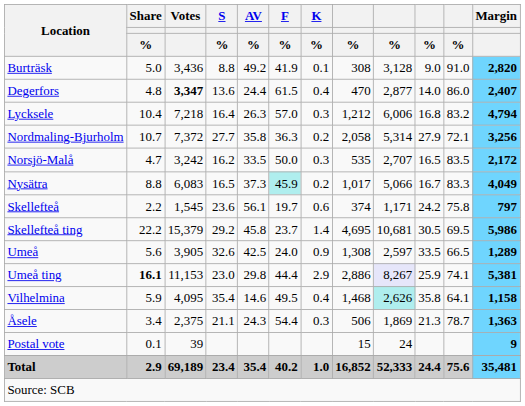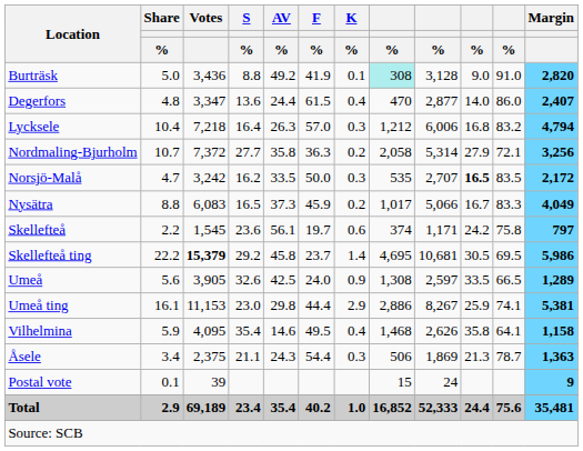 <table class="wikitable sortable" style="text-align:right; font-size:95%; line-height:20px;">
 <tr>
 <th rowspan="3">Location</th>
 <th>Share</th>
 <th>Votes</th>
 <th width="30px" class="unsortable"><a href='#'>S</a></th>
 <th width="30px" class="unsortable"><a href='#'>AV</a></th>
 <th width="30px" class="unsortable"><a href='#'>F</a></th>
 <th width="30px" class="unsortable"><a href='#'>K</a></th>
 <th></th>
 <th></th>
 <th></th>
 <th></th>
 <th>Margin</th>
 </tr>
 <tr>
 <th></th>
 <th></th>
 <th style="background:"></th>
 <th style="background:"></th>
 <th style="background:"></th>
 <th style="background:"></th>
 <th style="background:"></th>
 <th style="background:"></th>
 <th style="background:"></th>
 <th style="background:"></th>
 <th></th>
 </tr>
 <tr>
 <th data-sort-type="number">%</th>
 <th></th>
 <th data-sort-type="number">%</th>
 <th data-sort-type="number">%</th>
 <th data-sort-type="number">%</th>
 <th data-sort-type="number">%</th>
 <th data-sort-type="number">%</th>
 <th data-sort-type="number">%</th>
 <th data-sort-type="number">%</th>
 <th data-sort-type="number">%</th>
 <th></th>
 </tr>
 <tr>
 <td align=left><a href='#'>Burträsk</a></td>
 <td>5.0</td>
 <td>3,436</td>
 <td>8.8</td>
 <td>49.2</td>
 <td>41.9</td>
 <td>0.1</td>
-<td>308</td>
+<td style="background: paleturquoise;">308</td>
 <td>3,128</td>
 <td>9.0</td>
 <td>91.0</td>
 <td bgcolor=#6fd5fe><strong>2,820</strong></td>
 </tr>
 <tr>
 <td align=left><a href='#'>Degerfors</a></td>
 <td>4.8</td>
-<td><strong>3,347</strong></td>
+<td>3,347</td>
 <td>13.6</td>
 <td>24.4</td>
 <td>61.5</td>
 <td>0.4</td>
 <td>470</td>
 <td>2,877</td>
 <td>14.0</td>
 <td>86.0</td>
 <td bgcolor=#6fd5fe><strong>2,407</strong></td>
 </tr>
 <tr>
 <td align=left><a href='#'>Lycksele</a></td>
 <td>10.4</td>
 <td>7,218</td>
 <td>16.4</td>
 <td>26.3</td>
 <td>57.0</td>
 <td>0.3</td>
 <td>1,212</td>
 <td>6,006</td>
 <td>16.8</td>
 <td>83.2</td>
 <td bgcolor=#6fd5fe><strong>4,794</strong></td>
 </tr>
 <tr>
 <td align=left><a href='#'>Nordmaling-Bjurholm</a></td>
 <td>10.7</td>
 <td>7,372</td>
 <td>27.7</td>
 <td>35.8</td>
 <td>36.3</td>
 <td>0.2</td>
 <td>2,058</td>
 <td>5,314</td>
 <td>27.9</td>
 <td>72.1</td>
 <td bgcolor=#6fd5fe><strong>3,256</strong></td>
 </tr>
 <tr>
 <td align=left><a href='#'>Norsjö-Malå</a></td>
 <td>4.7</td>
 <td>3,242</td>
 <td>16.2</td>
 <td>33.5</td>
 <td>50.0</td>
 <td>0.3</td>
 <td>535</td>
 <td>2,707</td>
-<td>16.5</td>
+<td><strong>16.5</strong></td>
 <td>83.5</td>
 <td bgcolor=#6fd5fe><strong>2,172</strong></td>
 </tr>
 <tr>
 <td align=left><a href='#'>Nysätra</a></td>
 <td>8.8</td>
 <td>6,083</td>
 <td>16.5</td>
 <td>37.3</td>
-<td style="background: paleturquoise;">45.9</td>
+<td>45.9</td>
 <td>0.2</td>
 <td>1,017</td>
 <td>5,066</td>
 <td>16.7</td>
 <td>83.3</td>
 <td bgcolor=#6fd5fe><strong>4,049</strong></td>
 </tr>
 <tr>
 <td align=left><a href='#'>Skellefteå</a></td>
 <td>2.2</td>
 <td>1,545</td>
 <td>23.6</td>
 <td>56.1</td>
 <td>19.7</td>
 <td>0.6</td>
 <td>374</td>
 <td>1,171</td>
 <td>24.2</td>
 <td>75.8</td>
 <td bgcolor=#6fd5fe><strong>797</strong></td>
 </tr>
 <tr>
 <td align=left><a href='#'>Skellefteå ting</a></td>
 <td>22.2</td>
-<td>15,379</td>
+<td><strong>15,379</strong></td>
 <td>29.2</td>
 <td>45.8</td>
 <td>23.7</td>
 <td>1.4</td>
 <td>4,695</td>
 <td>10,681</td>
 <td>30.5</td>
 <td>69.5</td>
 <td bgcolor=#6fd5fe><strong>5,986</strong></td>
 </tr>
 <tr>
 <td align=left><a href='#'>Umeå</a></td>
 <td>5.6</td>
 <td>3,905</td>
 <td>32.6</td>
 <td>42.5</td>
 <td>24.0</td>
 <td>0.9</td>
 <td>1,308</td>
 <td>2,597</td>
 <td>33.5</td>
 <td>66.5</td>
 <td bgcolor=#6fd5fe><strong>1,289</strong></td>
 </tr>
 <tr>
 <td align=left><a href='#'>Umeå ting</a></td>
-<td><strong>16.1</strong></td>
+<td>16.1</td>
 <td>11,153</td>
 <td>23.0</td>
 <td>29.8</td>
 <td>44.4</td>
 <td>2.9</td>
 <td>2,886</td>
-<td style="background: lavender;">8,267</td>
+<td>8,267</td>
 <td>25.9</td>
 <td>74.1</td>
 <td bgcolor=#6fd5fe><strong>5,381</strong></td>
 </tr>
 <tr>
 <td align=left><a href='#'>Vilhelmina</a></td>
 <td>5.9</td>
 <td>4,095</td>
 <td>35.4</td>
 <td>14.6</td>
 <td>49.5</td>
 <td>0.4</td>
 <td>1,468</td>
-<td style="background: paleturquoise;">2,626</td>
+<td>2,626</td>
 <td>35.8</td>
 <td>64.1</td>
 <td bgcolor=#6fd5fe><strong>1,158</strong></td>
 </tr>
 <tr>
 <td align=left><a href='#'>Åsele</a></td>
 <td>3.4</td>
 <td>2,375</td>
 <td>21.1</td>
 <td>24.3</td>
 <td>54.4</td>
 <td>0.3</td>
 <td>506</td>
 <td>1,869</td>
 <td>21.3</td>
 <td>78.7</td>
 <td bgcolor=#6fd5fe><strong>1,363</strong></td>
 </tr>
 <tr>
 <td align=left><a href='#'>Postal vote</a></td>
 <td>0.1</td>
 <td>39</td>
 <td></td>
 <td></td>
 <td></td>
 <td></td>
 <td>15</td>
 <td>24</td>
 <td></td>
 <td></td>
 <td bgcolor=#6fd5fe><strong>9</strong></td>
 </tr>
 <tr>
 </tr>
 <tr style="background:#CDCDCD;">
 <td align=left><strong>Total</strong></td>
 <td><strong>2.9</strong></td>
 <td><strong>69,189</strong></td>
 <td><strong>23.4</strong></td>
 <td><strong>35.4</strong></td>
 <td><strong>40.2</strong></td>
 <td><strong>1.0</strong></td>
 <td><strong>16,852</strong></td>
 <td><strong>52,333</strong></td>
 <td><strong>24.4</strong></td>
 <td><strong>75.6</strong></td>
 <td bgcolor=#6fd5fe><strong>35,481</strong></td>
 </tr>
 <tr>
 <td align=left colspan=12>Source: SCB </td>
 </tr>
 </table>
